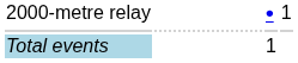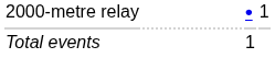 <table>
 <tr>
 <td align=left>2000-metre relay</td>
 <td></td>
 <td></td>
 <td></td>
 <td></td>
 <td></td>
 <td></td>
 <td></td>
 <td></td>
 <td></td>
 <td></td>
 <td></td>
 <td></td>
 <td></td>
 <td></td>
 <td></td>
 <td></td>
 <td></td>
 <td></td>
 <td></td>
 <td></td>
 <td></td>
 <td></td>
 <td></td>
 <td><strong><big><a href='#'>•</a></big></strong></td>
 <td>1</td>
 </tr>
 <tr bgcolor=lightgray>
 <td></td>
 <td></td>
 <td></td>
 <td></td>
 <td></td>
 <td></td>
 <td></td>
 <td></td>
 <td></td>
 <td></td>
 <td></td>
 <td></td>
 <td></td>
 <td></td>
 <td></td>
 <td></td>
 <td></td>
 <td></td>
 <td></td>
 <td></td>
 <td></td>
 <td></td>
 <td></td>
 <td></td>
 <td></td>
 <td></td>
 </tr>
 <tr>
-<td style="background: lightblue;"><em>Total events</em></td>
+<td><em>Total events</em></td>
 <td></td>
 <td></td>
 <td></td>
 <td></td>
 <td></td>
 <td></td>
 <td></td>
 <td></td>
 <td></td>
 <td></td>
 <td></td>
 <td></td>
 <td></td>
 <td></td>
 <td></td>
 <td></td>
 <td></td>
 <td></td>
 <td></td>
 <td></td>
 <td></td>
 <td></td>
 <td></td>
 <td>1</td>
 <td></td>
 </tr>
 </table>
